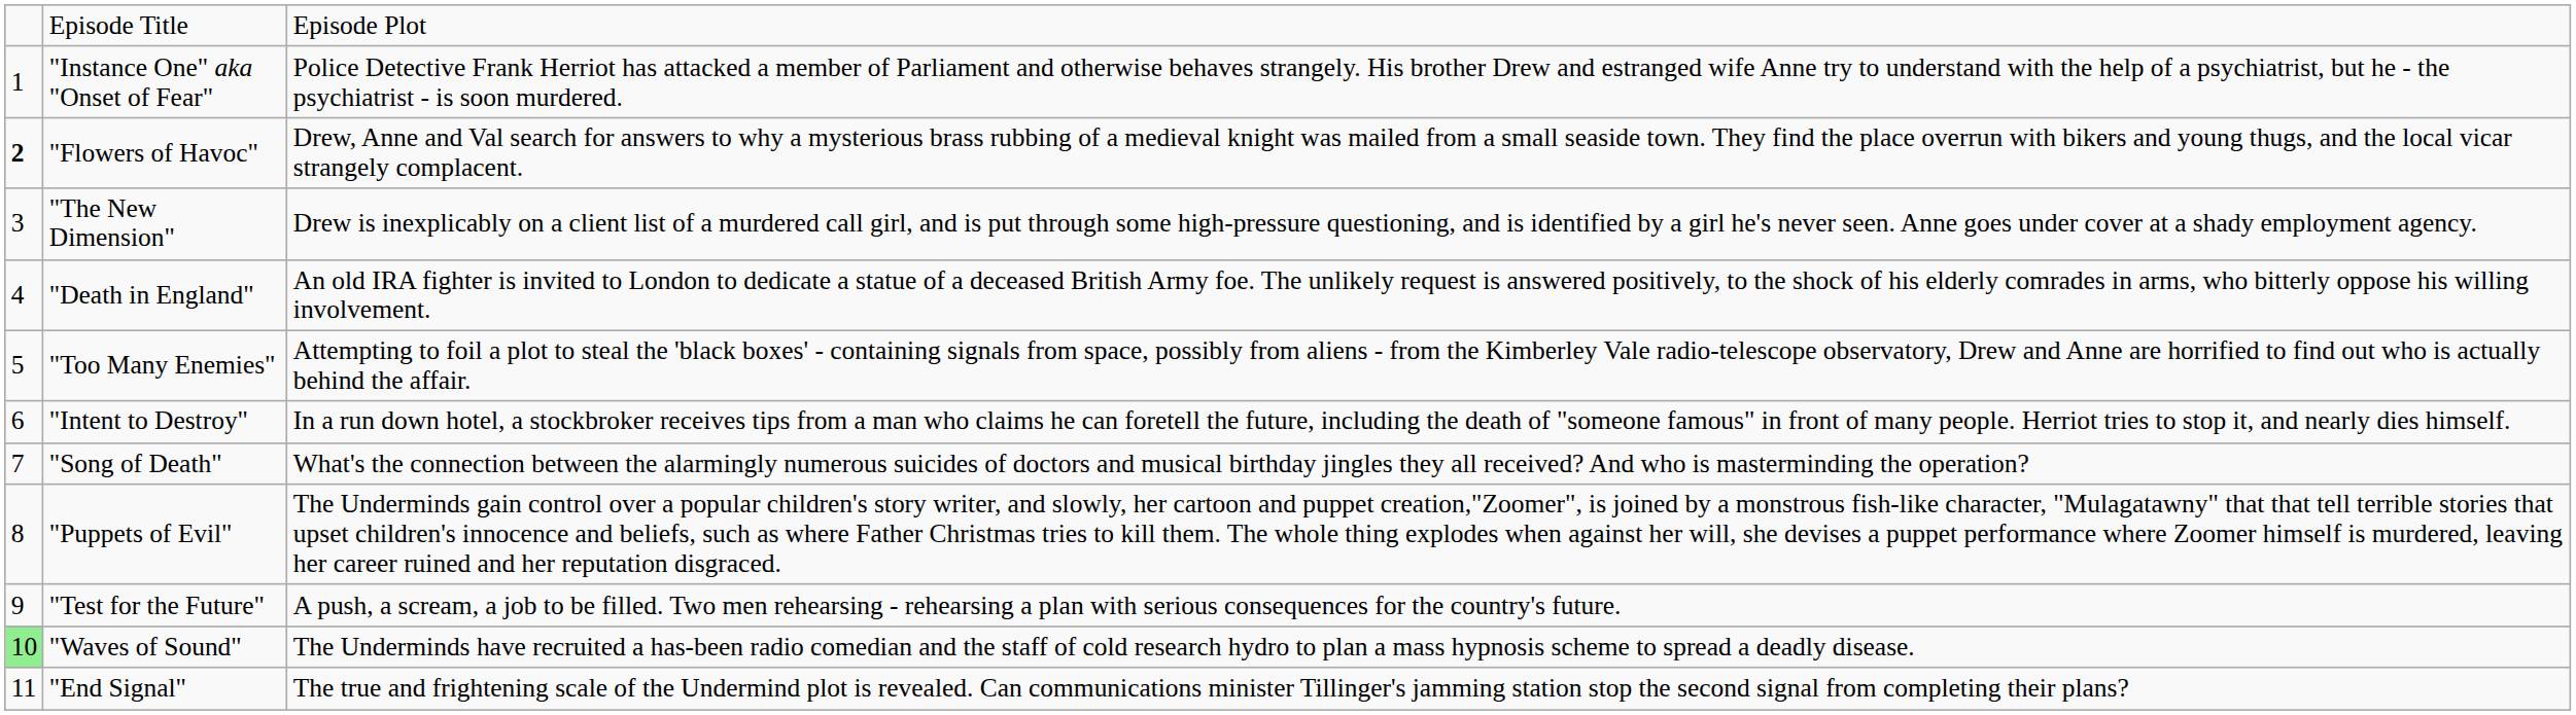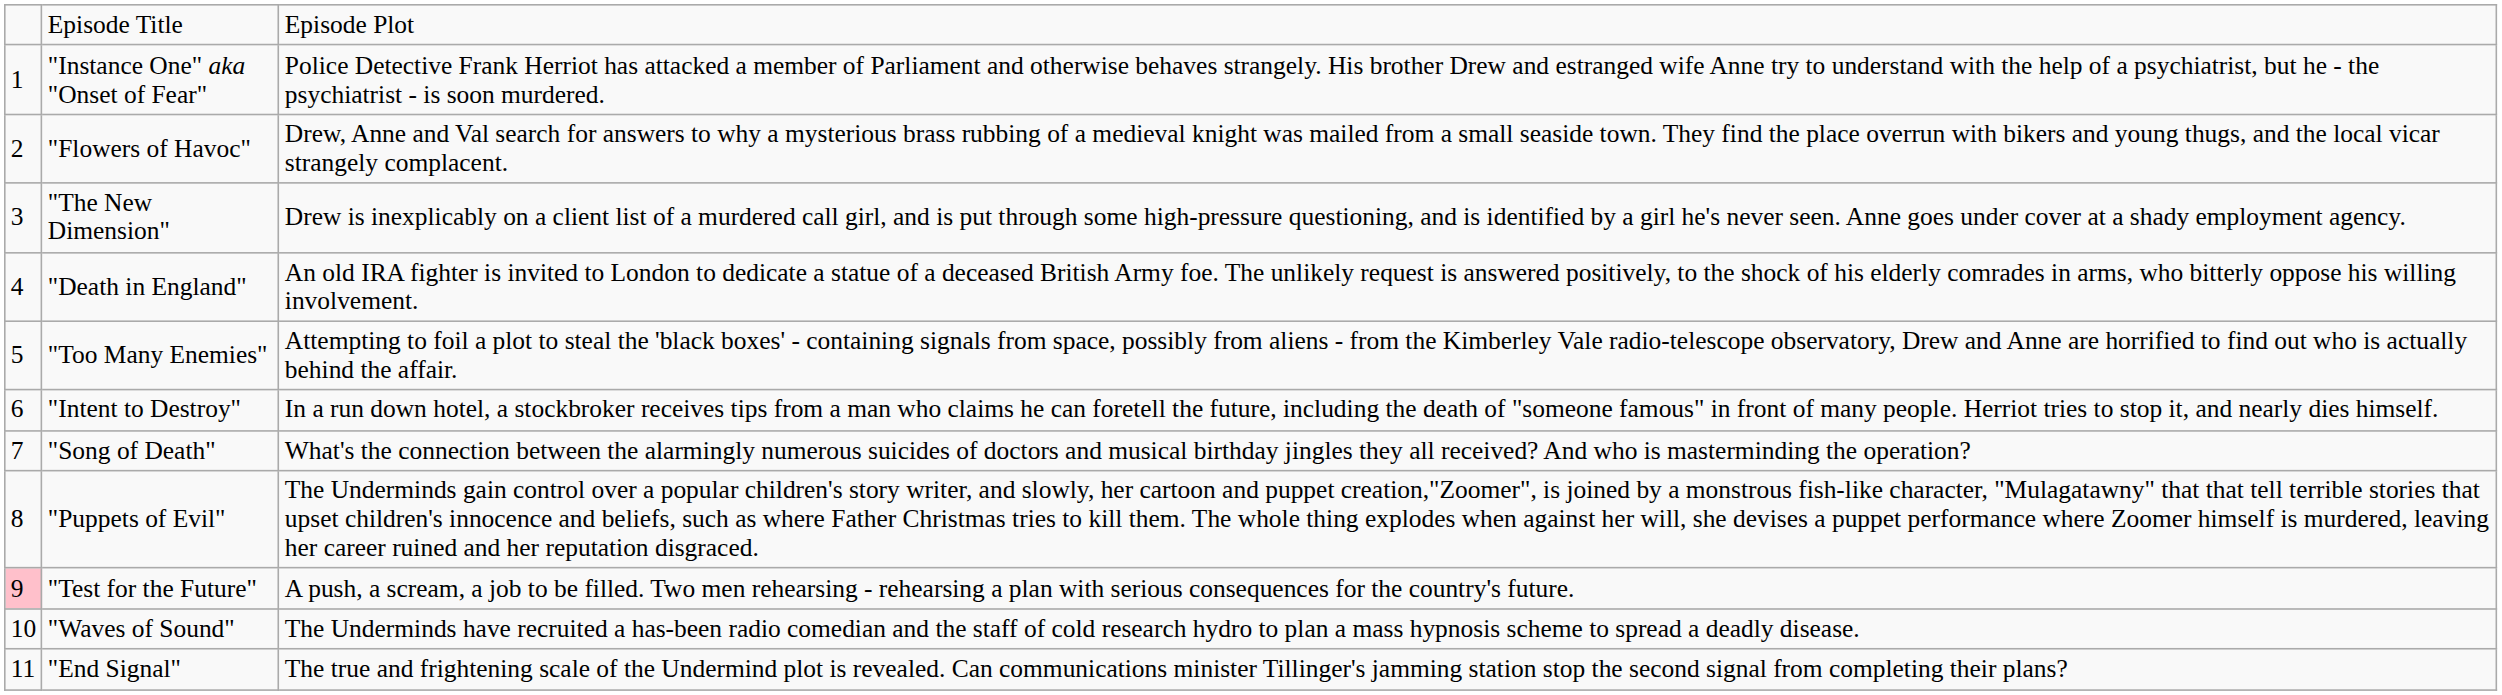 <table class=wikitable>
 <tr>
 <td></td>
 <td>Episode Title</td>
 <td>Episode Plot</td>
 </tr>
 <tr>
 <td>1</td>
 <td>"Instance One" <em>aka</em> "Onset of Fear"</td>
 <td>Police Detective Frank Herriot has attacked a member of Parliament and otherwise behaves strangely. His brother Drew and estranged wife Anne try to understand with the help of a psychiatrist, but he - the psychiatrist - is soon murdered.</td>
 </tr>
 <tr>
-<td><strong>2</strong></td>
+<td>2</td>
 <td>"Flowers of Havoc"</td>
 <td>Drew, Anne and Val search for answers to why a mysterious brass rubbing of a medieval knight was mailed from a small seaside town. They find the place overrun with bikers and young thugs, and the local vicar strangely complacent.</td>
 </tr>
 <tr>
 <td>3</td>
 <td>"The New Dimension"</td>
 <td>Drew is inexplicably on a client list of a murdered call girl, and is put through some high-pressure questioning, and is identified by a girl he's never seen. Anne goes under cover at a shady employment agency.</td>
 </tr>
 <tr>
 <td>4</td>
 <td>"Death in England"</td>
 <td>An old IRA fighter is invited to London to dedicate a statue of a deceased British Army foe. The unlikely request is answered positively, to the shock of his elderly comrades in arms, who bitterly oppose his willing involvement.</td>
 </tr>
 <tr>
 <td>5</td>
 <td>"Too Many Enemies"</td>
 <td>Attempting to foil a plot to steal the 'black boxes' - containing signals from space, possibly from aliens - from the Kimberley Vale radio-telescope observatory, Drew and Anne are horrified to find out who is actually behind the affair.</td>
 </tr>
 <tr>
 <td>6</td>
 <td>"Intent to Destroy"</td>
 <td>In a run down hotel, a stockbroker receives tips from a man who claims he can foretell the future, including the death of "someone famous" in front of many people. Herriot tries to stop it, and nearly dies himself.</td>
 </tr>
 <tr>
 <td>7</td>
 <td>"Song of Death"</td>
 <td>What's the connection between the alarmingly numerous suicides of doctors and musical birthday jingles they all received? And who is masterminding the operation?</td>
 </tr>
 <tr>
 <td>8</td>
 <td>"Puppets of Evil"</td>
 <td>The Underminds gain control over a popular children's story writer, and slowly, her cartoon and puppet creation,"Zoomer", is joined by a monstrous fish-like character, "Mulagatawny" that that tell terrible stories that upset children's innocence and beliefs, such as where Father Christmas tries to kill them. The whole thing explodes when against her will, she devises a puppet performance where Zoomer himself is murdered, leaving her career ruined and her reputation disgraced.</td>
 </tr>
 <tr>
-<td>9</td>
+<td style="background: pink;">9</td>
 <td>"Test for the Future"</td>
 <td>A push, a scream, a job to be filled. Two men rehearsing - rehearsing a plan with serious consequences for the country's future.</td>
 </tr>
 <tr>
-<td style="background: lightgreen;">10</td>
+<td>10</td>
 <td>"Waves of Sound"</td>
 <td>The Underminds have recruited a has-been radio comedian and the staff of cold research hydro to plan a mass hypnosis scheme to spread a deadly disease.</td>
 </tr>
 <tr>
 <td>11</td>
 <td>"End Signal"</td>
 <td>The true and frightening scale of the Undermind plot is revealed. Can communications minister Tillinger's jamming station stop the second signal from completing their plans?</td>
 </tr>
 </table>
